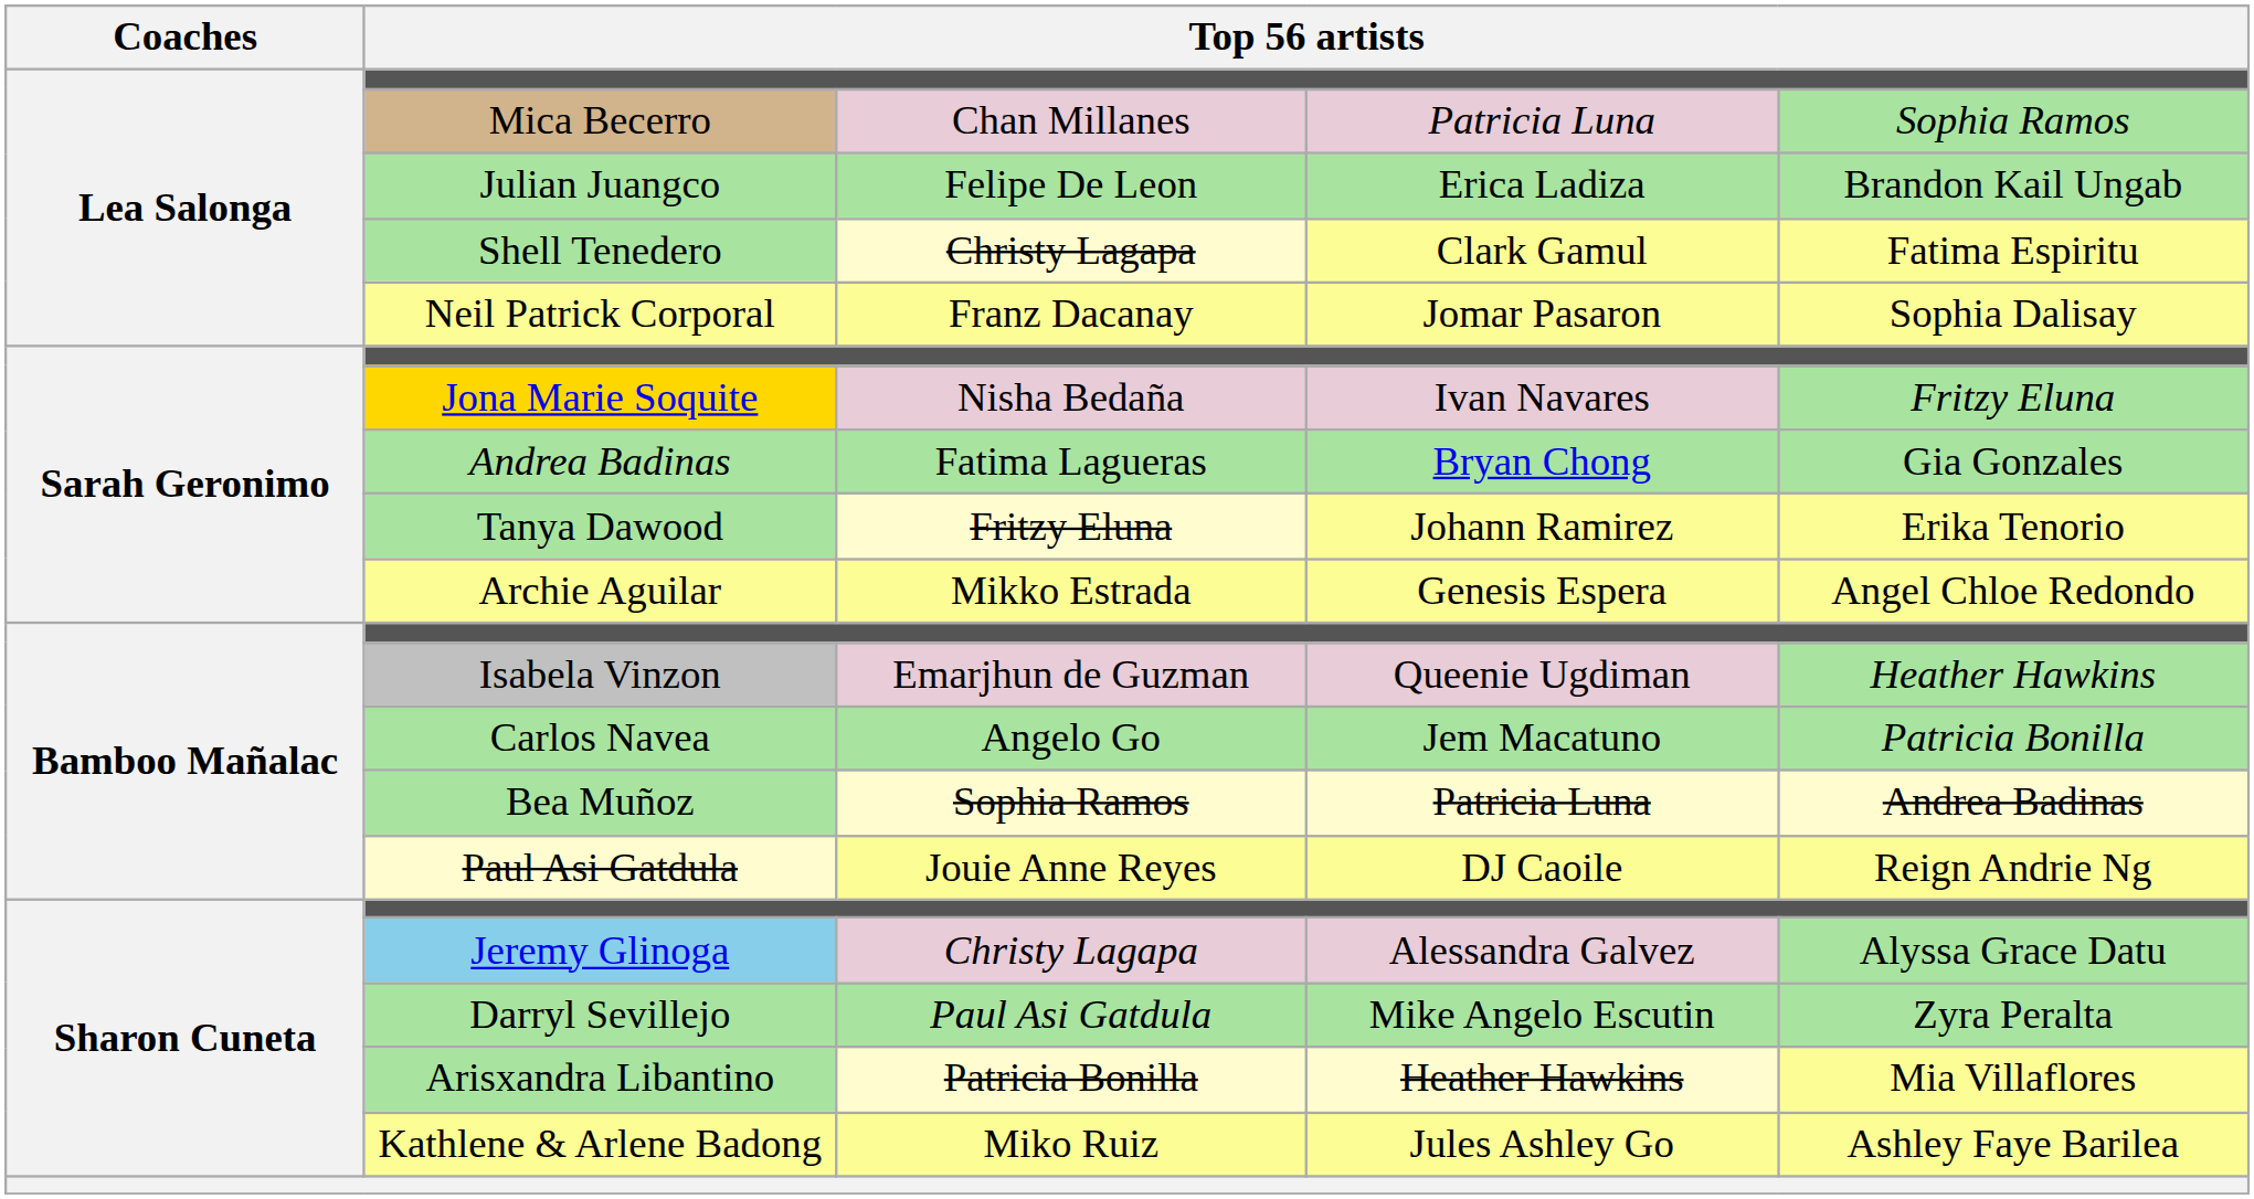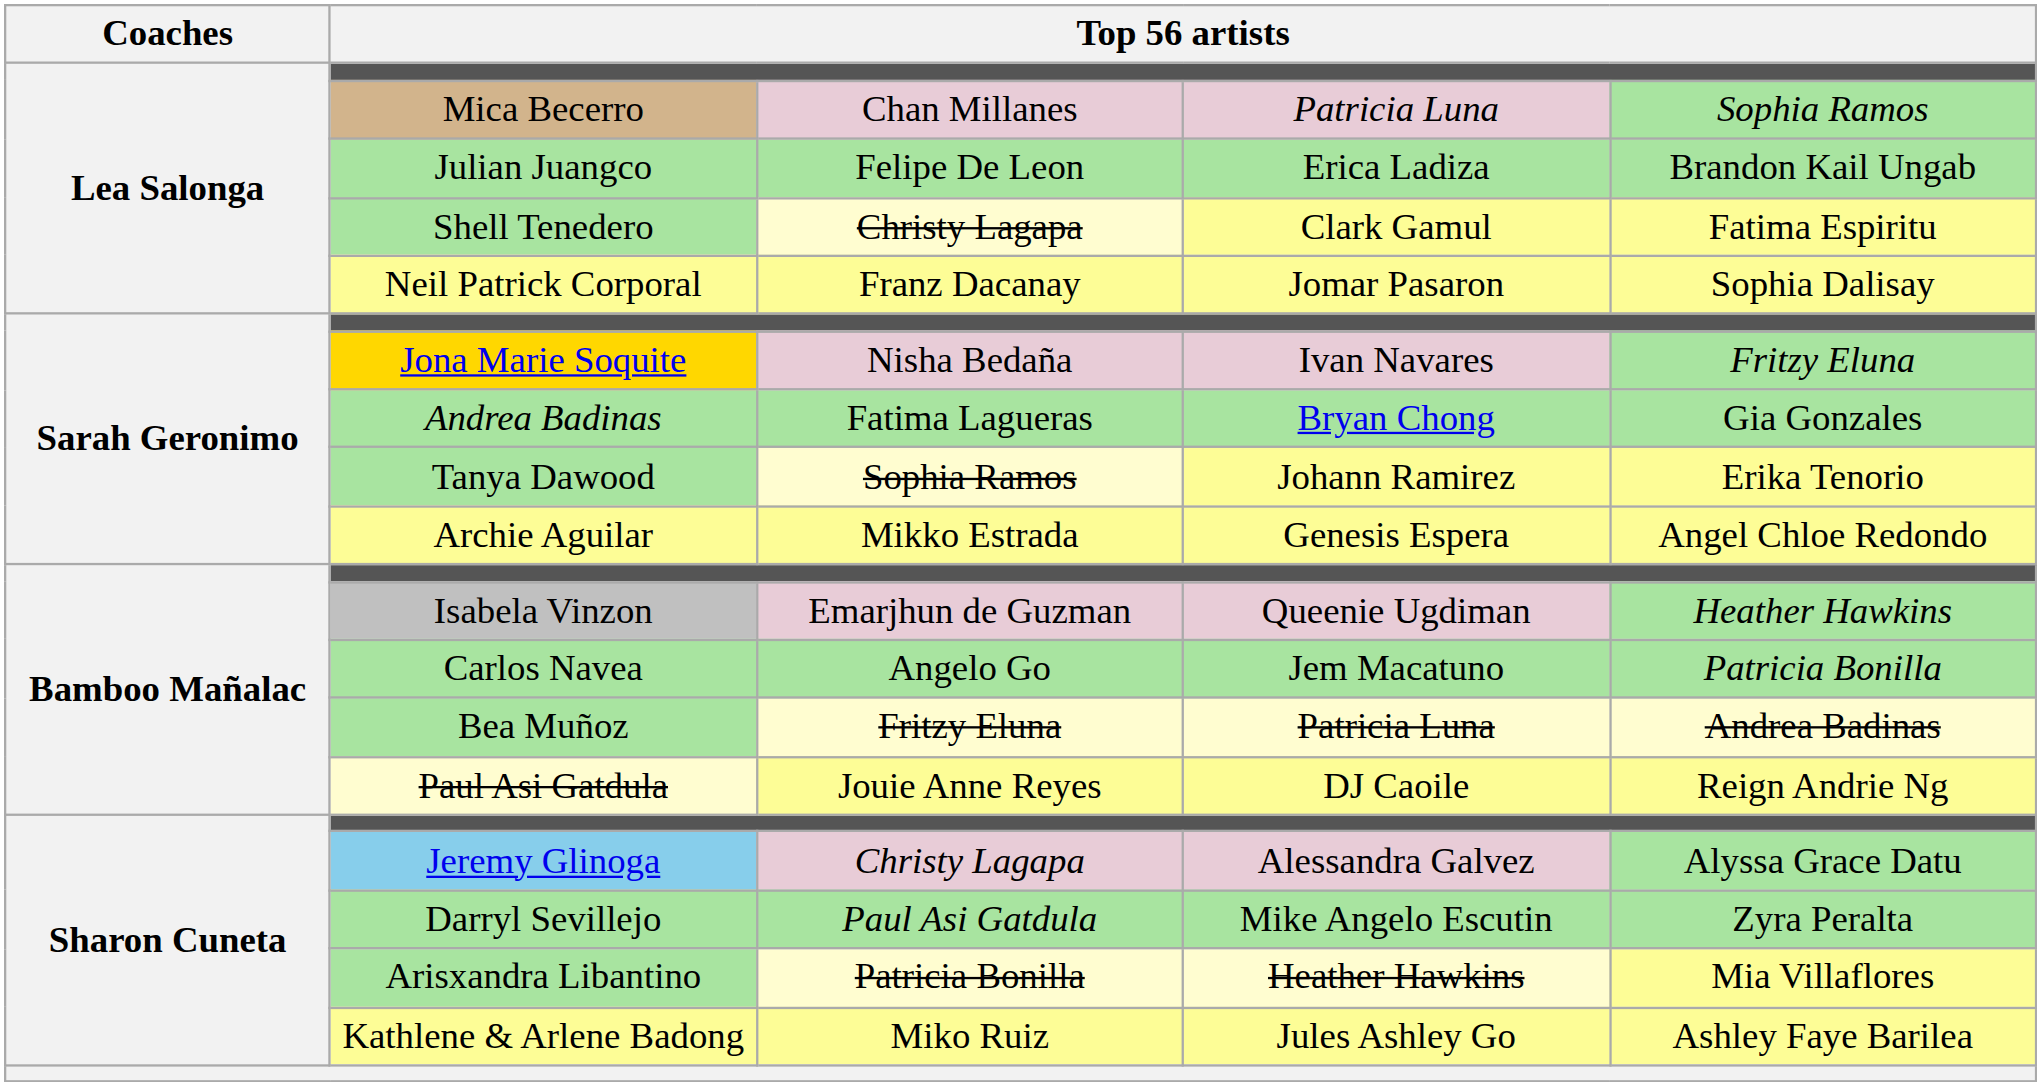 <table class="wikitable" style="text-align:center; width:100%;">
 <tr>
 <th scope="col" width="16%">Coaches</th>
 <th scope="col" width="84%" colspan="4">Top 56 artists</th>
 </tr>
 <tr>
 <th rowspan="5">Lea Salonga</th>
 <td colspan="4" style="background:#555555;"></td>
 </tr>
 <tr>
 <td style="background:tan;" width="21%">Mica Becerro</td>
 <td style="background:#E8CCD7;" width="21%">Chan Millanes</td>
 <td style="background:#E8CCD7;" width="21%"><em>Patricia Luna</em><br></td>
 <td style="background:#A8E4A0;"><em>Sophia Ramos</em></td>
 </tr>
 <tr>
 <td style="background:#A8E4A0;">Julian Juangco</td>
 <td style="background:#A8E4A0;">Felipe De Leon</td>
 <td style="background:#A8E4A0;">Erica Ladiza</td>
 <td style="background:#A8E4A0;" width="21%">Brandon Kail Ungab</td>
 </tr>
 <tr>
 <td style="background:#A8E4A0;">Shell Tenedero</td>
 <td style="background:#FFFDD0;"><s>Christy Lagapa</s></td>
 <td style="background:#FDFD96;">Clark Gamul</td>
 <td style="background:#FDFD96;">Fatima Espiritu</td>
 </tr>
 <tr>
 <td style="background:#FDFD96;">Neil Patrick Corporal</td>
 <td style="background:#FDFD96;">Franz Dacanay</td>
 <td style="background:#FDFD96;">Jomar Pasaron</td>
 <td style="background:#FDFD96;">Sophia Dalisay</td>
 </tr>
 <tr>
 <th rowspan="5">Sarah Geronimo</th>
 <td colspan="4" style="background:#555555;"></td>
 </tr>
 <tr>
 <td style="background:gold;"><a href='#'>Jona Marie Soquite</a></td>
 <td style="background:#E8CCD7;">Nisha Bedaña</td>
 <td style="background:#E8CCD7;">Ivan Navares<br></td>
 <td style="background:#A8E4A0;"><em>Fritzy Eluna</em></td>
 </tr>
 <tr>
 <td style="background:#A8E4A0;"><em>Andrea Badinas</em></td>
 <td style="background:#A8E4A0;">Fatima Lagueras</td>
 <td style="background:#A8E4A0;"><a href='#'>Bryan Chong</a></td>
 <td style="background:#A8E4A0;">Gia Gonzales</td>
 </tr>
 <tr>
 <td style="background:#A8E4A0;">Tanya Dawood</td>
-<td style="background:#FFFDD0;"><s>Fritzy Eluna</s></td>
+<td style="background:#FFFDD0;"><s>Sophia Ramos</s></td>
 <td style="background:#FDFD96;">Johann Ramirez</td>
 <td style="background:#FDFD96;">Erika Tenorio</td>
 </tr>
 <tr>
 <td style="background:#FDFD96;">Archie Aguilar</td>
 <td style="background:#FDFD96;">Mikko Estrada</td>
 <td style="background:#FDFD96;">Genesis Espera</td>
 <td style="background:#FDFD96;">Angel Chloe Redondo</td>
 </tr>
 <tr>
 <th rowspan="5">Bamboo Mañalac</th>
 <td colspan="4" style="background:#555555;"></td>
 </tr>
 <tr>
 <td style="background:silver;">Isabela Vinzon</td>
 <td style="background:#E8CCD7;">Emarjhun de Guzman</td>
 <td style="background:#E8CCD7;">Queenie Ugdiman<br></td>
 <td style="background:#A8E4A0;"><em>Heather Hawkins</em></td>
 </tr>
 <tr>
 <td style="background:#A8E4A0;">Carlos Navea</td>
 <td style="background:#A8E4A0;">Angelo Go</td>
 <td style="background:#A8E4A0;">Jem Macatuno</td>
 <td style="background:#A8E4A0;"><em>Patricia Bonilla</em></td>
 </tr>
 <tr>
 <td style="background:#A8E4A0;">Bea Muñoz</td>
-<td style="background:#FFFDD0;"><s>Sophia Ramos</s></td>
+<td style="background:#FFFDD0;"><s>Fritzy Eluna</s></td>
 <td style="background:#FFFDD0;"><s>Patricia Luna</s></td>
 <td style="background:#FFFDD0;"><s>Andrea Badinas</s></td>
 </tr>
 <tr>
 <td style="background:#FFFDD0;"><s>Paul Asi Gatdula</s></td>
 <td style="background:#FDFD96;">Jouie Anne Reyes</td>
 <td style="background:#FDFD96;">DJ Caoile</td>
 <td style="background:#FDFD96;">Reign Andrie Ng</td>
 </tr>
 <tr>
 <th rowspan="5">Sharon Cuneta</th>
 <td colspan="4" style="background:#555555;"></td>
 </tr>
 <tr>
 <td style="background:skyblue;"><a href='#'>Jeremy Glinoga</a></td>
 <td style="background:#E8CCD7;"><em>Christy Lagapa</em></td>
 <td style="background:#E8CCD7;">Alessandra Galvez<br></td>
 <td style="background:#A8E4A0;">Alyssa Grace Datu</td>
 </tr>
 <tr>
 <td style="background:#A8E4A0;">Darryl Sevillejo</td>
 <td style="background:#A8E4A0;"><em>Paul Asi Gatdula</em></td>
 <td style="background:#A8E4A0;">Mike Angelo Escutin</td>
 <td style="background:#A8E4A0;">Zyra Peralta</td>
 </tr>
 <tr>
 <td style="background:#A8E4A0;">Arisxandra Libantino</td>
 <td style="background:#FFFDD0;"><s>Patricia Bonilla</s></td>
 <td style="background:#FFFDD0;"><s>Heather Hawkins</s></td>
 <td style="background:#FDFD96;">Mia Villaflores</td>
 </tr>
 <tr>
 <td style="background:#FDFD96;">Kathlene & Arlene Badong</td>
 <td style="background:#FDFD96;">Miko Ruiz</td>
 <td style="background:#FDFD96;">Jules Ashley Go</td>
 <td style="background:#FDFD96;">Ashley Faye Barilea</td>
 </tr>
 <tr>
 <th style="font-size:90%; line-height:12px;" colspan="5"><small></small></th>
 </tr>
 <tr>
 </tr>
 </table>
